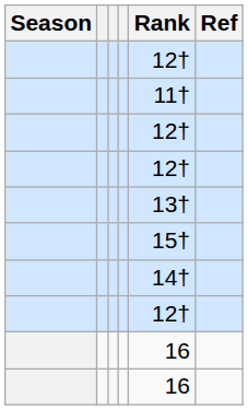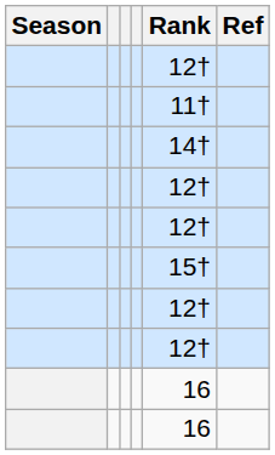 <table class="wikitable plainrowheaders sortable">
 <tr>
 <th scope=col>Season</th>
 <th scope=col></th>
 <th scope=col></th>
 <th scope=col></th>
 <th scope=col>Rank</th>
 <th scope=col class="unsortable">Ref</th>
 </tr>
 <tr>
 <th scope=row align=right style="background-color: #D0E7FF"></th>
 <td align=right style="background-color: #D0E7FF"></td>
 <td align=right style="background-color: #D0E7FF"></td>
 <td align=right style="background-color: #D0E7FF"></td>
 <td align=right style="background-color: #D0E7FF">12†</td>
 <td align=center style="background-color: #D0E7FF"></td>
 </tr>
 <tr>
 <th scope=row align=right style="background-color: #D0E7FF"></th>
 <td align=right style="background-color: #D0E7FF"></td>
 <td align=right style="background-color: #D0E7FF"></td>
 <td align=right style="background-color: #D0E7FF"></td>
 <td align=right style="background-color: #D0E7FF">11†</td>
 <td align=center style="background-color: #D0E7FF"></td>
 </tr>
 <tr>
 <th scope=row align=right style="background-color: #D0E7FF"></th>
 <td align=right style="background-color: #D0E7FF"></td>
 <td align=right style="background-color: #D0E7FF"></td>
 <td align=right style="background-color: #D0E7FF"></td>
+<td align=right style="background-color: #D0E7FF">14†</td>
+<td align=center style="background-color: #D0E7FF"></td>
+</tr>
+<tr>
+<th scope=row align=right style="background-color: #D0E7FF"></th>
+<td align=right style="background-color: #D0E7FF"></td>
+<td align=right style="background-color: #D0E7FF"></td>
+<td align=right style="background-color: #D0E7FF"></td>
 <td align=right style="background-color: #D0E7FF">12†</td>
 <td align=center style="background-color: #D0E7FF"></td>
 </tr>
 <tr>
 <th scope=row align=right style="background-color: #D0E7FF"></th>
 <td align=right style="background-color: #D0E7FF"></td>
 <td align=right style="background-color: #D0E7FF"></td>
 <td align=right style="background-color: #D0E7FF"></td>
 <td align=right style="background-color: #D0E7FF">12†</td>
 <td align=center style="background-color: #D0E7FF"></td>
 </tr>
 <tr>
 <th scope=row align=right style="background-color: #D0E7FF"></th>
 <td align=right style="background-color: #D0E7FF"></td>
 <td align=right style="background-color: #D0E7FF"></td>
 <td align=right style="background-color: #D0E7FF"></td>
-<td align=right style="background-color: #D0E7FF">13†</td>
-<td align=center style="background-color: #D0E7FF"></td>
-</tr>
-<tr>
-<th scope=row align=right style="background-color: #D0E7FF"></th>
-<td align=right style="background-color: #D0E7FF"></td>
-<td align=right style="background-color: #D0E7FF"></td>
-<td align=right style="background-color: #D0E7FF"></td>
 <td align=right style="background-color: #D0E7FF">15†</td>
 <td align=center style="background-color: #D0E7FF"></td>
 </tr>
 <tr>
 <th scope=row align=right style="background-color: #D0E7FF"></th>
 <td align=right style="background-color: #D0E7FF"></td>
 <td align=right style="background-color: #D0E7FF"></td>
 <td align=right style="background-color: #D0E7FF"></td>
-<td align=right style="background-color: #D0E7FF">14†</td>
+<td align=right style="background-color: #D0E7FF">12†</td>
 <td align=center style="background-color: #D0E7FF"></td>
 </tr>
 <tr>
 <th scope=row align=right style="background-color: #D0E7FF"></th>
 <td align=right style="background-color: #D0E7FF"></td>
 <td align=right style="background-color: #D0E7FF"></td>
 <td align=right style="background-color: #D0E7FF"></td>
 <td align=right style="background-color: #D0E7FF">12†</td>
 <td align=center style="background-color: #D0E7FF"></td>
 </tr>
 <tr>
 <th scope=row align=right></th>
 <td align=right></td>
 <td align=right></td>
 <td align=right></td>
 <td align=right>16</td>
 <td align=center></td>
 </tr>
 <tr>
 <th scope=row align=right></th>
 <td align=right></td>
 <td align=right></td>
 <td align=right></td>
 <td align=right>16</td>
 <td align=center></td>
 </tr>
 </table>
